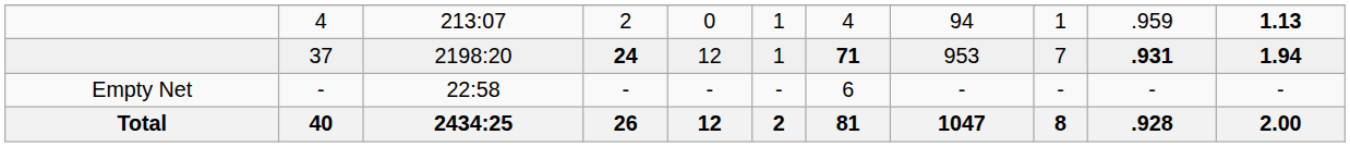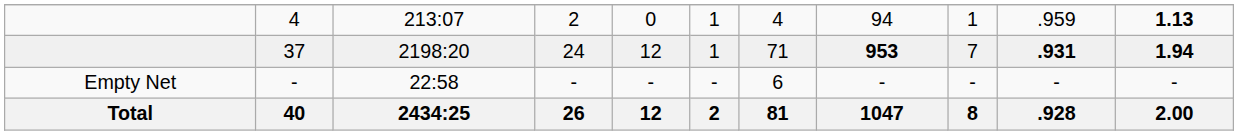 <table class="wikitable sortable" width=1000>
 <tr align="center">
 </tr>
 <tr align="center" bgcolor="">
 <td></td>
 <td>4</td>
 <td>213:07</td>
 <td>2</td>
 <td>0</td>
 <td>1</td>
 <td>4</td>
 <td>94</td>
 <td>1</td>
 <td>.959</td>
 <td><strong>1.13</strong></td>
 </tr>
 <tr align="center" bgcolor="f0f0f0">
 <td></td>
 <td>37</td>
 <td>2198:20</td>
-<td><strong>24</strong></td>
+<td>24</td>
 <td>12</td>
 <td>1</td>
-<td><strong>71</strong></td>
-<td>953</td>
+<td>71</td>
+<td><strong>953</strong></td>
 <td>7</td>
 <td><strong>.931</strong></td>
 <td><strong>1.94</strong></td>
 </tr>
 <tr align="center" bgcolor="">
 <td>Empty Net</td>
 <td>-</td>
 <td>22:58</td>
 <td>-</td>
 <td>-</td>
 <td>-</td>
 <td>6</td>
 <td>-</td>
 <td>-</td>
 <td>-</td>
 <td>-</td>
 </tr>
 <tr>
 <th>Total</th>
 <th>40</th>
 <th>2434:25</th>
 <th>26</th>
 <th>12</th>
 <th>2</th>
 <th>81</th>
 <th>1047</th>
 <th>8</th>
 <th>.928</th>
 <th>2.00</th>
 </tr>
 </table>
